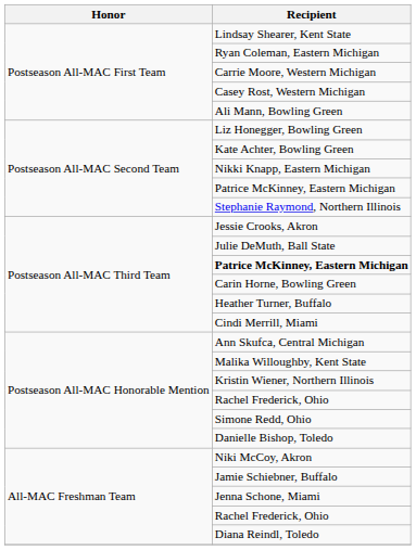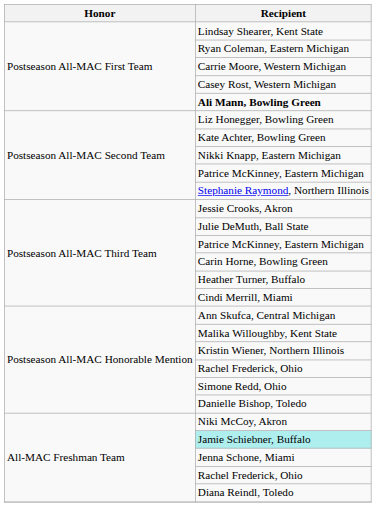 <table class="wikitable" border="1">
 <tr>
 <th>Honor</th>
 <th>Recipient</th>
 </tr>
 <tr>
 <td rowspan=5 valign=middle>Postseason All-MAC First Team</td>
 <td>Lindsay Shearer, Kent State</td>
 </tr>
 <tr>
 <td>Ryan Coleman, Eastern Michigan</td>
 </tr>
 <tr>
 <td>Carrie Moore, Western Michigan</td>
 </tr>
 <tr>
 <td>Casey Rost, Western Michigan</td>
 </tr>
 <tr>
-<td>Ali Mann, Bowling Green</td>
+<td><strong>Ali Mann, Bowling Green</strong></td>
 </tr>
 <tr>
 <td rowspan=5 valign=middle>Postseason All-MAC Second Team</td>
 <td>Liz Honegger, Bowling Green</td>
 </tr>
 <tr>
 <td>Kate Achter, Bowling Green</td>
 </tr>
 <tr>
 <td>Nikki Knapp, Eastern Michigan</td>
 </tr>
 <tr>
 <td>Patrice McKinney, Eastern Michigan</td>
 </tr>
 <tr>
 <td><a href='#'>Stephanie Raymond</a>, Northern Illinois</td>
 </tr>
 <tr>
 <td rowspan=6 valign=middle>Postseason All-MAC Third Team</td>
 <td>Jessie Crooks, Akron</td>
 </tr>
 <tr>
 <td>Julie DeMuth, Ball State</td>
 </tr>
 <tr>
-<td><strong>Patrice McKinney, Eastern Michigan</strong></td>
+<td>Patrice McKinney, Eastern Michigan</td>
 </tr>
 <tr>
 <td>Carin Horne, Bowling Green</td>
 </tr>
 <tr>
 <td>Heather Turner, Buffalo</td>
 </tr>
 <tr>
 <td>Cindi Merrill, Miami</td>
 </tr>
 <tr>
 <td rowspan=6 valign=middle>Postseason All-MAC Honorable Mention</td>
 <td>Ann Skufca, Central Michigan</td>
 </tr>
 <tr>
 <td>Malika Willoughby, Kent State</td>
 </tr>
 <tr>
 <td>Kristin Wiener, Northern Illinois</td>
 </tr>
 <tr>
 <td>Rachel Frederick, Ohio</td>
 </tr>
 <tr>
 <td>Simone Redd, Ohio</td>
 </tr>
 <tr>
 <td>Danielle Bishop, Toledo</td>
 </tr>
 <tr>
 <td rowspan=5 valign=middle>All-MAC Freshman Team</td>
 <td>Niki McCoy, Akron</td>
 </tr>
 <tr>
-<td>Jamie Schiebner, Buffalo</td>
+<td style="background: paleturquoise;">Jamie Schiebner, Buffalo</td>
 </tr>
 <tr>
 <td>Jenna Schone, Miami</td>
 </tr>
 <tr>
 <td>Rachel Frederick, Ohio</td>
 </tr>
 <tr>
 <td>Diana Reindl, Toledo</td>
 </tr>
 <tr>
 </tr>
 </table>
